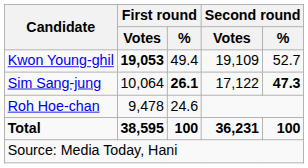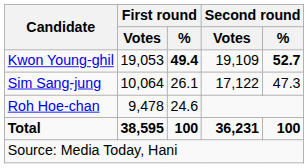 <table class=wikitable style=text-align:right>
 <tr>
 <th rowspan=2>Candidate</th>
 <th colspan=2>First round</th>
 <th colspan=2>Second round</th>
 </tr>
 <tr>
 <th>Votes</th>
 <th>%</th>
 <th>Votes</th>
 <th>%</th>
 </tr>
 <tr>
 <td align=left><a href='#'>Kwon Young-ghil</a></td>
-<td><strong>19,053</strong></td>
-<td>49.4</td>
+<td>19,053</td>
+<td><strong>49.4</strong></td>
 <td>19,109</td>
-<td>52.7</td>
+<td><strong>52.7</strong></td>
 </tr>
 <tr>
 <td align=left><a href='#'>Sim Sang-jung</a></td>
 <td>10,064</td>
-<td><strong>26.1</strong></td>
+<td>26.1</td>
 <td>17,122</td>
-<td><strong>47.3</strong></td>
+<td>47.3</td>
 </tr>
 <tr>
 <td align=left><a href='#'>Roh Hoe-chan</a></td>
 <td>9,478</td>
 <td>24.6</td>
 <td colspan=2></td>
 </tr>
 <tr style=font-weight:bold>
 <td align=left>Total</td>
 <td>38,595</td>
 <td>100</td>
 <td>36,231</td>
 <td>100</td>
 </tr>
 <tr>
 <td align=left colspan=5>Source: Media Today, Hani </td>
 </tr>
 </table>
